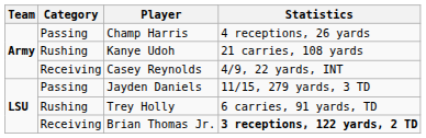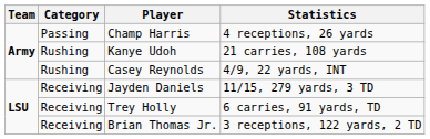 <table class="wikitable" style="float: right;">
 <tr>
 <th>Team</th>
 <th>Category</th>
 <th>Player</th>
 <th>Statistics</th>
 </tr>
 <tr>
 <td rowspan=3><strong>Army</strong></td>
 <td>Passing</td>
 <td>Champ Harris</td>
 <td>4 receptions, 26 yards</td>
 </tr>
 <tr>
 <td>Rushing</td>
 <td>Kanye Udoh</td>
 <td>21 carries, 108 yards</td>
 </tr>
 <tr>
-<td>Receiving</td>
+<td>Rushing</td>
 <td>Casey Reynolds</td>
 <td>4/9, 22 yards, INT</td>
 </tr>
 <tr>
 <td rowspan=3><strong>LSU</strong></td>
-<td>Passing</td>
+<td>Receiving</td>
 <td>Jayden Daniels</td>
 <td>11/15, 279 yards, 3 TD</td>
 </tr>
 <tr>
-<td>Rushing</td>
+<td>Receiving</td>
 <td>Trey Holly</td>
 <td>6 carries, 91 yards, TD</td>
 </tr>
 <tr>
 <td>Receiving</td>
 <td>Brian Thomas Jr.</td>
-<td><strong>3 receptions, 122 yards, 2 TD</strong></td>
+<td>3 receptions, 122 yards, 2 TD</td>
 </tr>
 </table>
